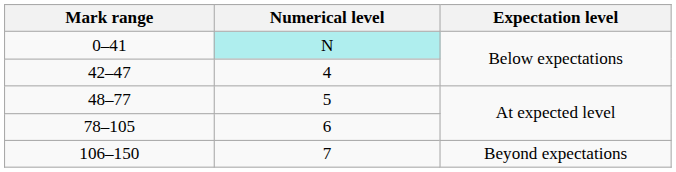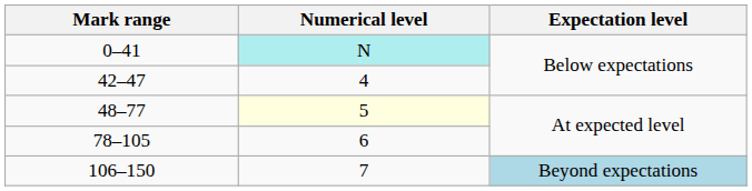 <table class="wikitable" style="text-align: center;margin:0px;">
 <tr>
 <th style="width:20em;">Mark range</th>
 <th style="width:20em;">Numerical level</th>
 <th style="width:20em;">Expectation level</th>
 </tr>
 <tr>
 <td>0–41</td>
 <td style="background: paleturquoise;">N</td>
 <td rowspan="2">Below expectations</td>
 </tr>
 <tr>
 <td>42–47</td>
 <td>4</td>
 </tr>
 <tr>
 <td>48–77</td>
-<td>5</td>
+<td style="background: lightyellow;">5</td>
 <td rowspan="2">At expected level</td>
 </tr>
 <tr>
 <td>78–105</td>
 <td>6</td>
 </tr>
 <tr>
 <td>106–150</td>
 <td>7</td>
-<td>Beyond expectations</td>
+<td style="background: lightblue;">Beyond expectations</td>
 </tr>
 </table>
